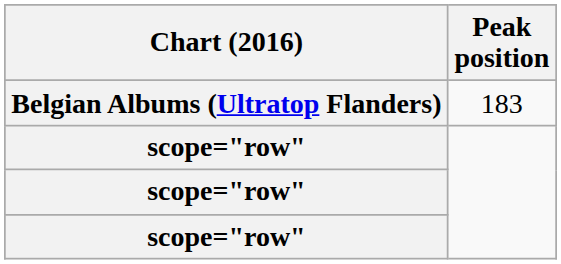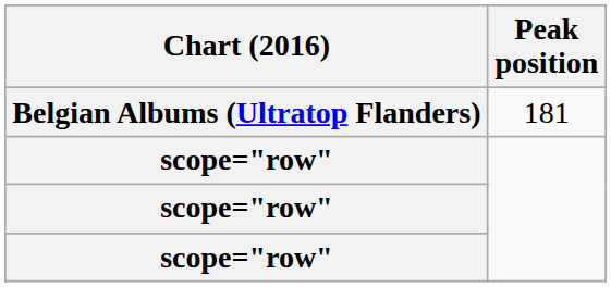 <table class="wikitable sortable plainrowheaders" style="text-align:center">
 <tr>
 <th scope="col">Chart (2016)</th>
 <th scope="col">Peak<br> position</th>
 </tr>
 <tr>
 <th scope="row">Belgian Albums (<a href='#'>Ultratop</a> Flanders)</th>
-<td>183</td>
+<td>181</td>
 </tr>
 <tr>
 <th>scope="row"</th>
 </tr>
 <tr>
 <th>scope="row"</th>
 </tr>
 <tr>
 <th>scope="row"</th>
 </tr>
 </table>
